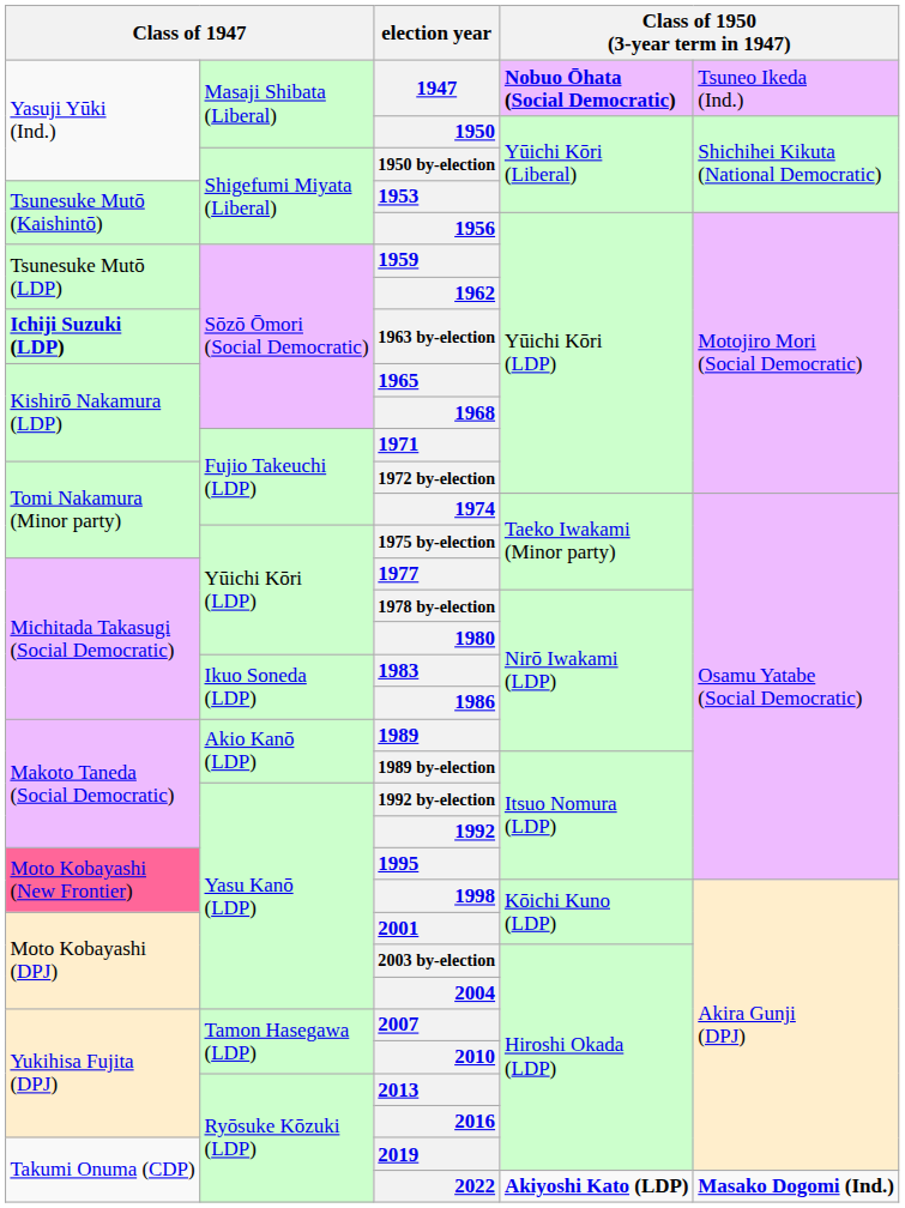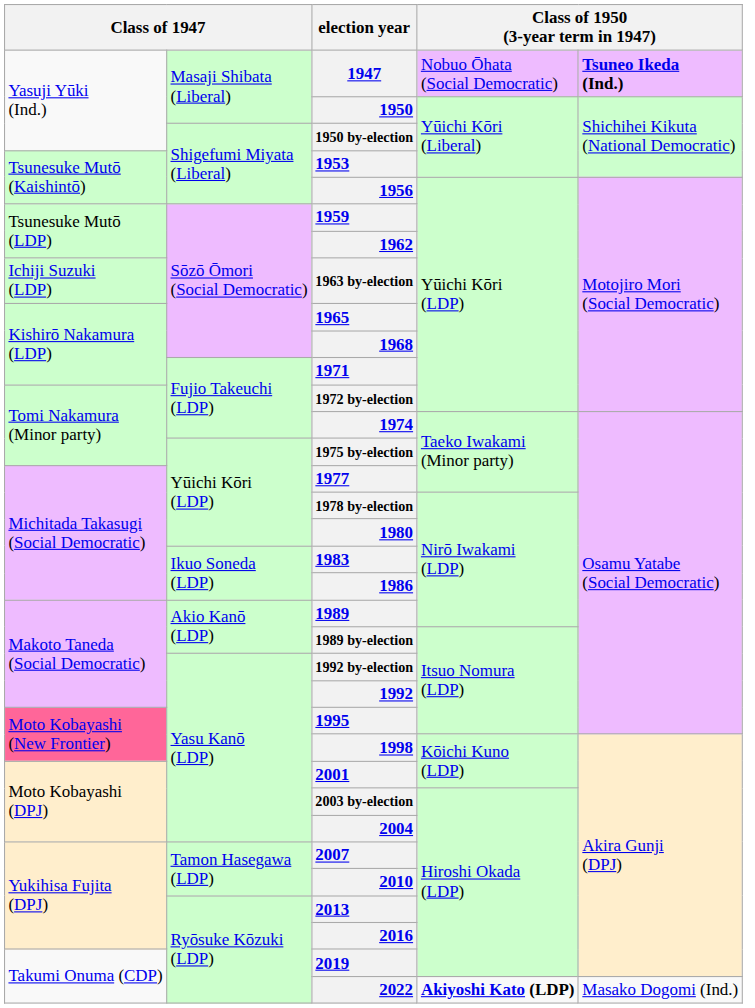 <table class="wikitable" border="1">
 <tr>
 <th colspan="2">Class of 1947</th>
 <th>election year</th>
 <th colspan="2">Class of 1950<br>(3-year term in 1947)</th>
 </tr>
 <tr>
 <td rowspan="3"><a href='#'>Yasuji Yūki</a><br>(Ind.)</td>
 <td rowspan="2" bgcolor="#CCFFCC"><a href='#'>Masaji Shibata</a><br>(<a href='#'>Liberal</a>)</td>
 <th style="text-align: center"><a href='#'>1947</a></th>
-<td bgcolor="#EEBBFF"><strong><a href='#'>Nobuo Ōhata</a><br>(<a href='#'>Social Democratic</a>)</strong></td>
-<td bgcolor="#EEBBFF"><a href='#'>Tsuneo Ikeda</a><br>(Ind.)</td>
+<td bgcolor="#EEBBFF"><a href='#'>Nobuo Ōhata</a><br>(<a href='#'>Social Democratic</a>)</td>
+<td bgcolor="#EEBBFF"><strong><a href='#'>Tsuneo Ikeda</a><br>(Ind.)</strong></td>
 </tr>
 <tr>
 <th style="text-align: right"><a href='#'>1950</a></th>
 <td rowspan="3" bgcolor="#CCFFCC"><a href='#'>Yūichi Kōri</a><br>(<a href='#'>Liberal</a>)</td>
 <td rowspan="3" bgcolor="#CCFFCD"><a href='#'>Shichihei Kikuta</a><br>(<a href='#'>National Democratic</a>)</td>
 </tr>
 <tr>
 <td rowspan="3" bgcolor="#CCFFCC"><a href='#'>Shigefumi Miyata</a><br>(<a href='#'>Liberal</a>)</td>
 <th style="text-align: left"><small>1950 by-election</small></th>
 </tr>
 <tr>
 <td rowspan="2" bgcolor="#CCFFCC"><a href='#'>Tsunesuke Mutō</a><br>(<a href='#'>Kaishintō</a>)</td>
 <th style="text-align: left"><a href='#'>1953</a></th>
 </tr>
 <tr>
 <th style="text-align: right"><a href='#'>1956</a></th>
 <td rowspan="8" bgcolor="#CCFFCC">Yūichi Kōri<br>(<a href='#'>LDP</a>)</td>
 <td rowspan="8" bgcolor="#EEBBFF"><a href='#'>Motojiro Mori</a><br>(<a href='#'>Social Democratic</a>)</td>
 </tr>
 <tr>
 <td rowspan="2" bgcolor="#CCFFCC">Tsunesuke Mutō<br>(<a href='#'>LDP</a>)</td>
 <td rowspan="5" bgcolor="#EEBBFF"><a href='#'>Sōzō Ōmori</a><br>(<a href='#'>Social Democratic</a>)</td>
 <th style="text-align: left"><a href='#'>1959</a></th>
 </tr>
 <tr>
 <th style="text-align: right"><a href='#'>1962</a></th>
 </tr>
 <tr>
-<td bgcolor="#CCFFCC"><strong><a href='#'>Ichiji Suzuki</a><br>(<a href='#'>LDP</a>)</strong></td>
+<td bgcolor="#CCFFCC"><a href='#'>Ichiji Suzuki</a><br>(<a href='#'>LDP</a>)</td>
 <th style="text-align: left"><small>1963 by-election</small></th>
 </tr>
 <tr>
 <td rowspan="3" bgcolor="#CCFFCC"><a href='#'>Kishirō Nakamura</a><br>(<a href='#'>LDP</a>)</td>
 <th style="text-align: left"><a href='#'>1965</a></th>
 </tr>
 <tr>
 <th style="text-align: right"><a href='#'>1968</a></th>
 </tr>
 <tr>
 <td rowspan="3" bgcolor="#CCFFCC"><a href='#'>Fujio Takeuchi</a><br>(<a href='#'>LDP</a>)</td>
 <th style="text-align: left"><a href='#'>1971</a></th>
 </tr>
 <tr>
 <td rowspan="3" bgcolor="#CCFFCC"><a href='#'>Tomi Nakamura</a><br>(Minor party)</td>
 <th style="text-align: left"><small>1972 by-election</small></th>
 </tr>
 <tr>
 <th style="text-align: right"><a href='#'>1974</a></th>
 <td rowspan="3" bgcolor="#CCFFCC"><a href='#'>Taeko Iwakami</a><br>(Minor party)</td>
 <td rowspan="12" bgcolor="#EEBBFF"><a href='#'>Osamu Yatabe</a><br>(<a href='#'>Social Democratic</a>)</td>
 </tr>
 <tr>
 <td rowspan="4" bgcolor="#CCFFCC">Yūichi Kōri<br>(<a href='#'>LDP</a>)</td>
 <th style="text-align: left"><small>1975 by-election</small></th>
 </tr>
 <tr>
 <td rowspan="5" bgcolor="#EEBBFF"><a href='#'>Michitada Takasugi</a><br>(<a href='#'>Social Democratic</a>)</td>
 <th style="text-align: left"><a href='#'>1977</a></th>
 </tr>
 <tr>
 <th style="text-align: right"><small>1978 by-election</small></th>
 <td rowspan="5" bgcolor="#CCFFCC"><a href='#'>Nirō Iwakami</a><br>(<a href='#'>LDP</a>)</td>
 </tr>
 <tr>
 <th style="text-align: right"><a href='#'>1980</a></th>
 </tr>
 <tr>
 <td rowspan="2" bgcolor="#CCFFCC"><a href='#'>Ikuo Soneda</a><br>(<a href='#'>LDP</a>)</td>
 <th style="text-align: left"><a href='#'>1983</a></th>
 </tr>
 <tr>
 <th style="text-align: right"><a href='#'>1986</a></th>
 </tr>
 <tr>
 <td rowspan="4" bgcolor="#EEBBFF"><a href='#'>Makoto Taneda</a><br>(<a href='#'>Social Democratic</a>)</td>
 <td rowspan="2" bgcolor="#CCFFCC"><a href='#'>Akio Kanō</a><br>(<a href='#'>LDP</a>)</td>
 <th style="text-align: left"><a href='#'>1989</a></th>
 </tr>
 <tr>
 <th style="text-align: right"><small>1989 by-election</small></th>
 <td rowspan="4" bgcolor="#CCFFCC"><a href='#'>Itsuo Nomura</a><br>(<a href='#'>LDP</a>)</td>
 </tr>
 <tr>
 <td rowspan="7" bgcolor="#CCFFCC"><a href='#'>Yasu Kanō</a><br>(<a href='#'>LDP</a>)</td>
 <th style="text-align: left"><small>1992 by-election</small></th>
 </tr>
 <tr>
 <th style="text-align: right"><a href='#'>1992</a></th>
 </tr>
 <tr>
 <td rowspan="2" bgcolor="#FF6699"><a href='#'>Moto Kobayashi</a><br>(<a href='#'>New Frontier</a>)</td>
 <th style="text-align: left"><a href='#'>1995</a></th>
 </tr>
 <tr>
 <th style="text-align: right"><a href='#'>1998</a></th>
 <td rowspan="2" bgcolor="#CCFFCC"><a href='#'>Kōichi Kuno</a><br>(<a href='#'>LDP</a>)</td>
 <td rowspan="9" bgcolor="#FFEECC"><a href='#'>Akira Gunji</a><br>(<a href='#'>DPJ</a>)</td>
 </tr>
 <tr>
 <td rowspan="3" bgcolor="#FFEECC">Moto Kobayashi<br>(<a href='#'>DPJ</a>)</td>
 <th style="text-align: left"><a href='#'>2001</a></th>
 </tr>
 <tr>
 <th style="text-align: right"><small>2003 by-election</small></th>
 <td rowspan="7" bgcolor="#CCFFCC"><a href='#'>Hiroshi Okada</a><br>(<a href='#'>LDP</a>)</td>
 </tr>
 <tr>
 <th style="text-align: right"><a href='#'>2004</a></th>
 </tr>
 <tr>
 <td rowspan="4" bgcolor="#FFEECC"><a href='#'>Yukihisa Fujita</a><br>(<a href='#'>DPJ</a>)</td>
 <td rowspan="2" bgcolor="#CCFFCC"><a href='#'>Tamon Hasegawa</a><br>(<a href='#'>LDP</a>)</td>
 <th style="text-align: left"><a href='#'>2007</a></th>
 </tr>
 <tr>
 <th style="text-align: right"><a href='#'>2010</a></th>
 </tr>
 <tr>
 <td rowspan="4" bgcolor="#CCFFCC"><a href='#'>Ryōsuke Kōzuki</a><br>(<a href='#'>LDP</a>)</td>
 <th style="text-align: left"><a href='#'>2013</a></th>
 </tr>
 <tr>
 <th style="text-align: right"><a href='#'>2016</a></th>
 </tr>
 <tr>
 <td rowspan="2"><a href='#'>Takumi Onuma</a> (<a href='#'>CDP</a>)</td>
 <th style="text-align: left"><a href='#'>2019</a></th>
 </tr>
 <tr>
 <th style="text-align: right"><a href='#'>2022</a></th>
 <td><strong><a href='#'>Akiyoshi Kato</a> (LDP)</strong></td>
-<td><strong><a href='#'>Masako Dogomi</a> (Ind.)</strong></td>
+<td><a href='#'>Masako Dogomi</a> (Ind.)</td>
 </tr>
 </table>
